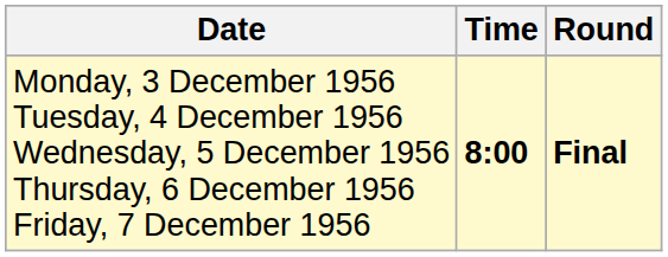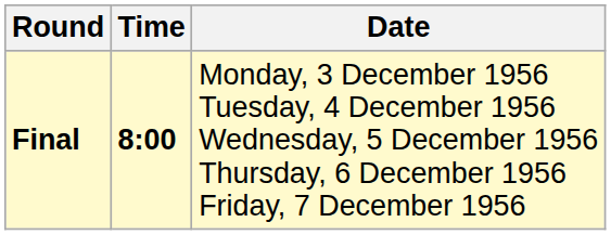 <table class="wikitable">
 <tr>
+<th>Round</th>
+<th>Time</th>
 <th>Date</th>
-<th>Time</th>
-<th>Round</th>
 </tr>
 <tr style=background:lemonchiffon>
+<td><strong>Final</strong></td>
+<td><strong>8:00</strong></td>
 <td>Monday, 3 December 1956<br>Tuesday, 4 December 1956<br>Wednesday, 5 December 1956<br>Thursday, 6 December 1956<br>Friday, 7 December 1956</td>
-<td><strong>8:00</strong></td>
-<td><strong>Final</strong></td>
 </tr>
 </table>
